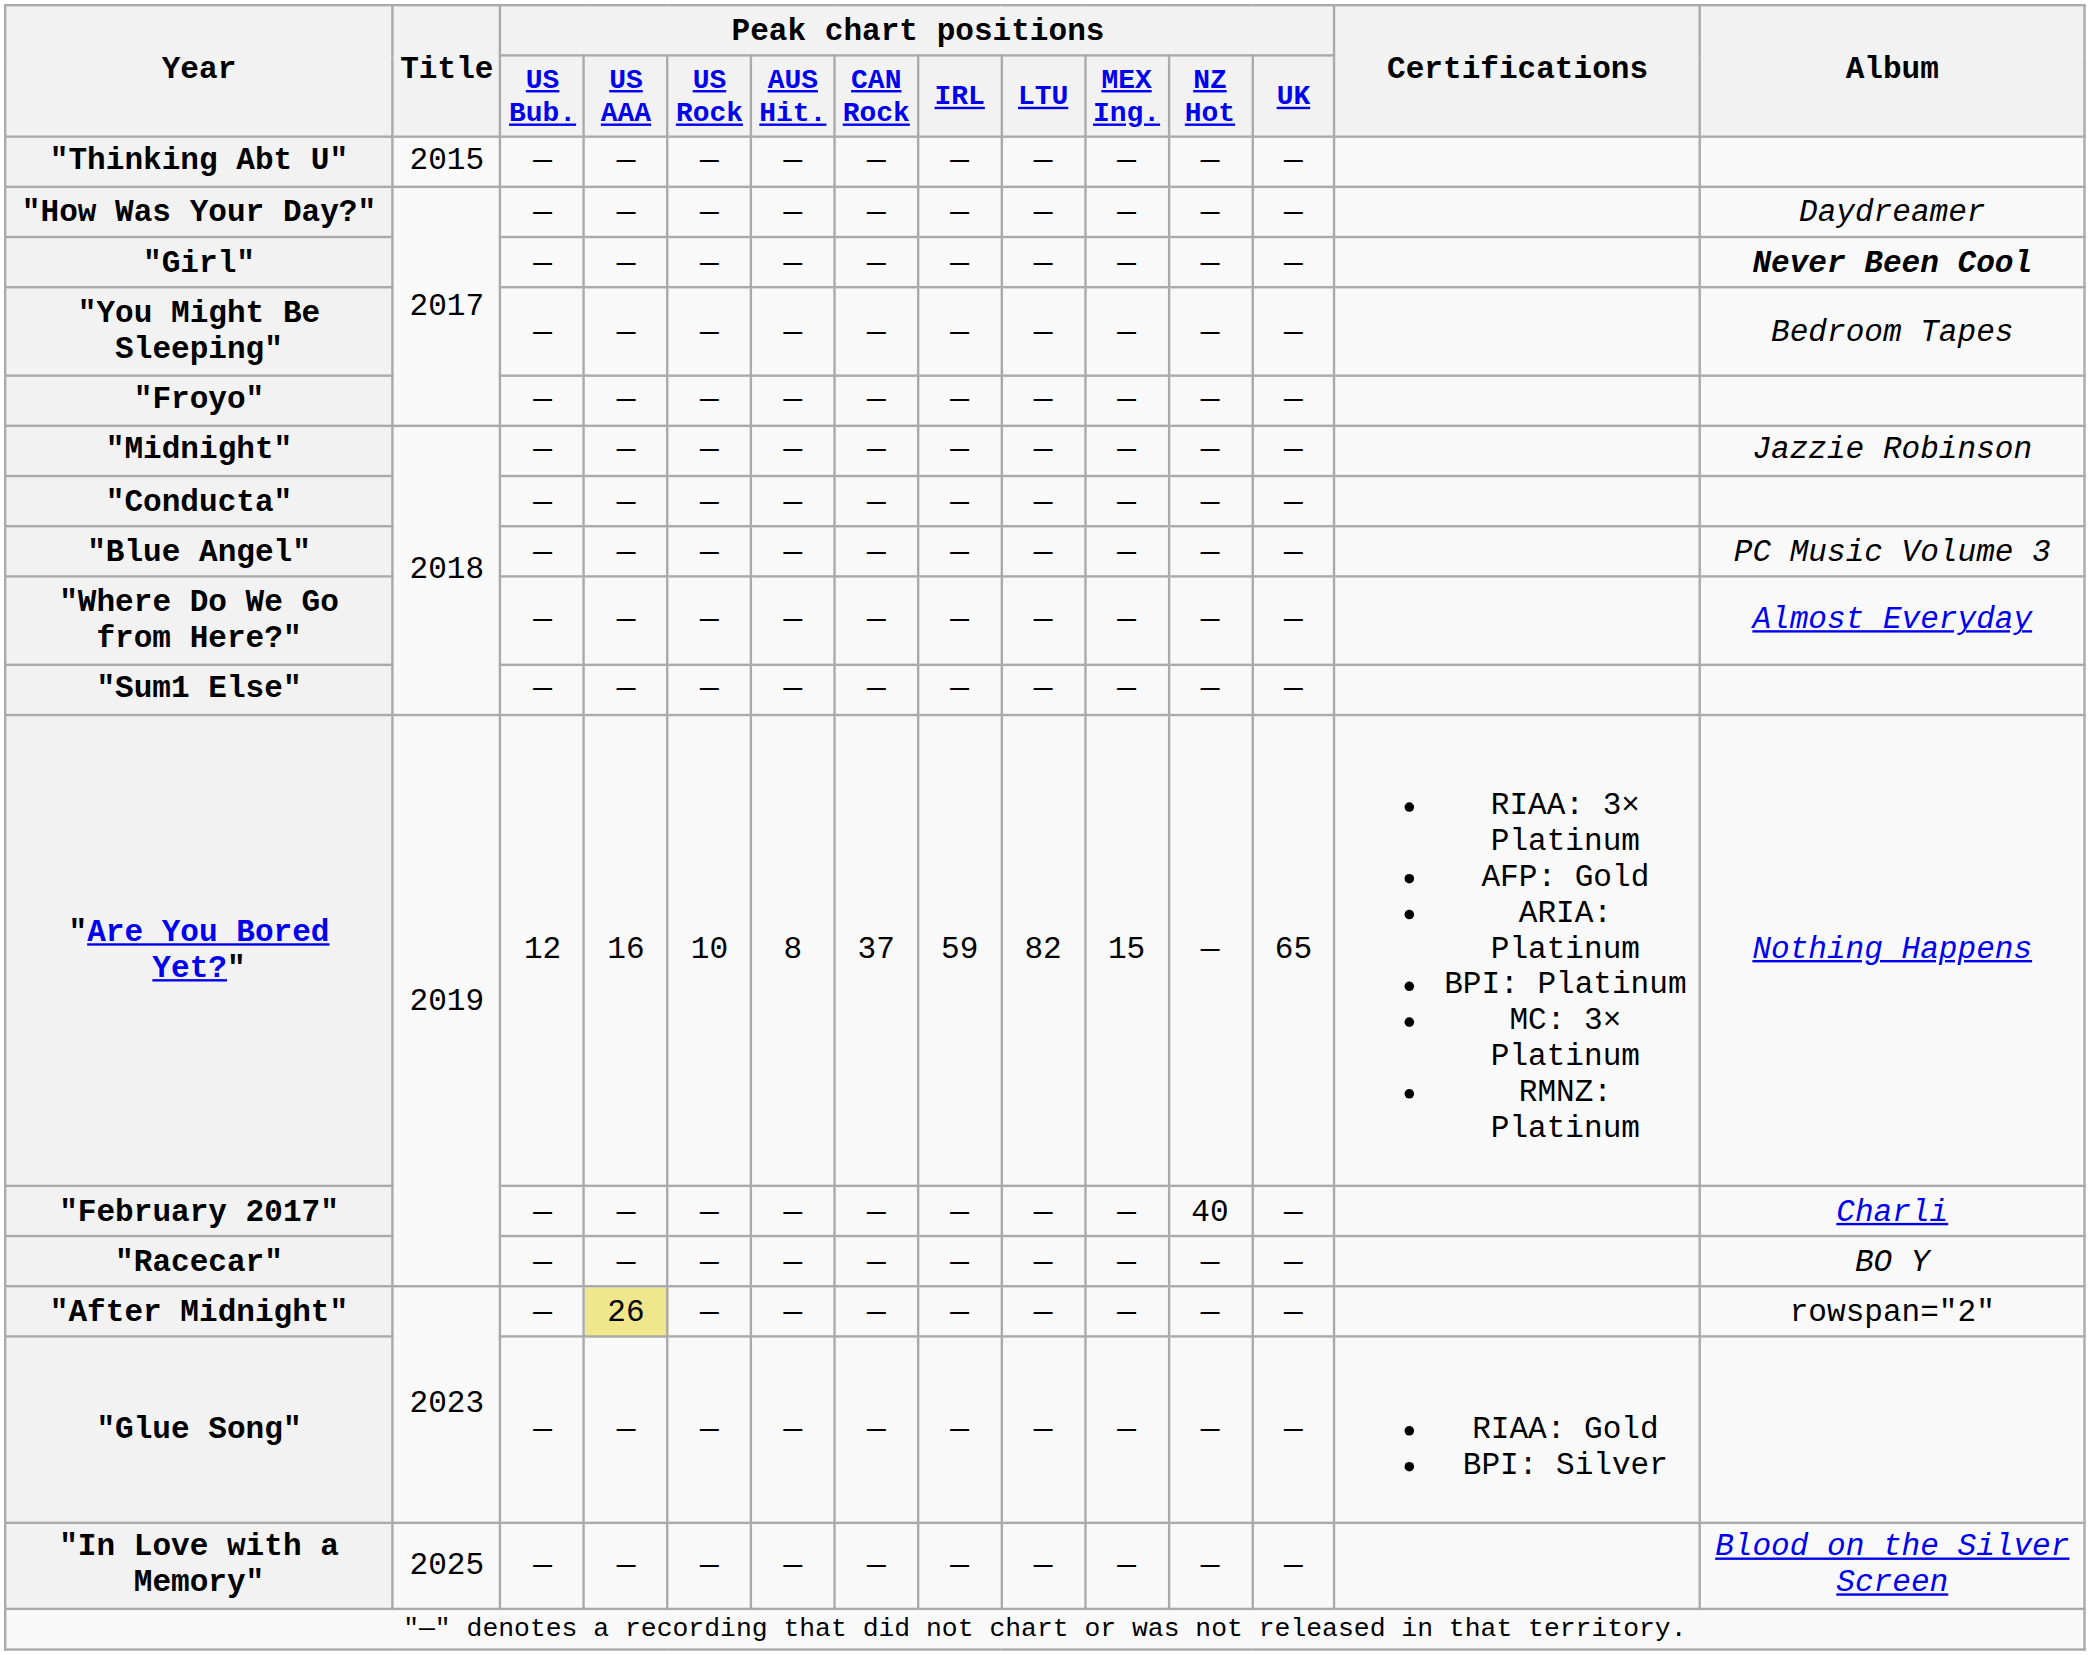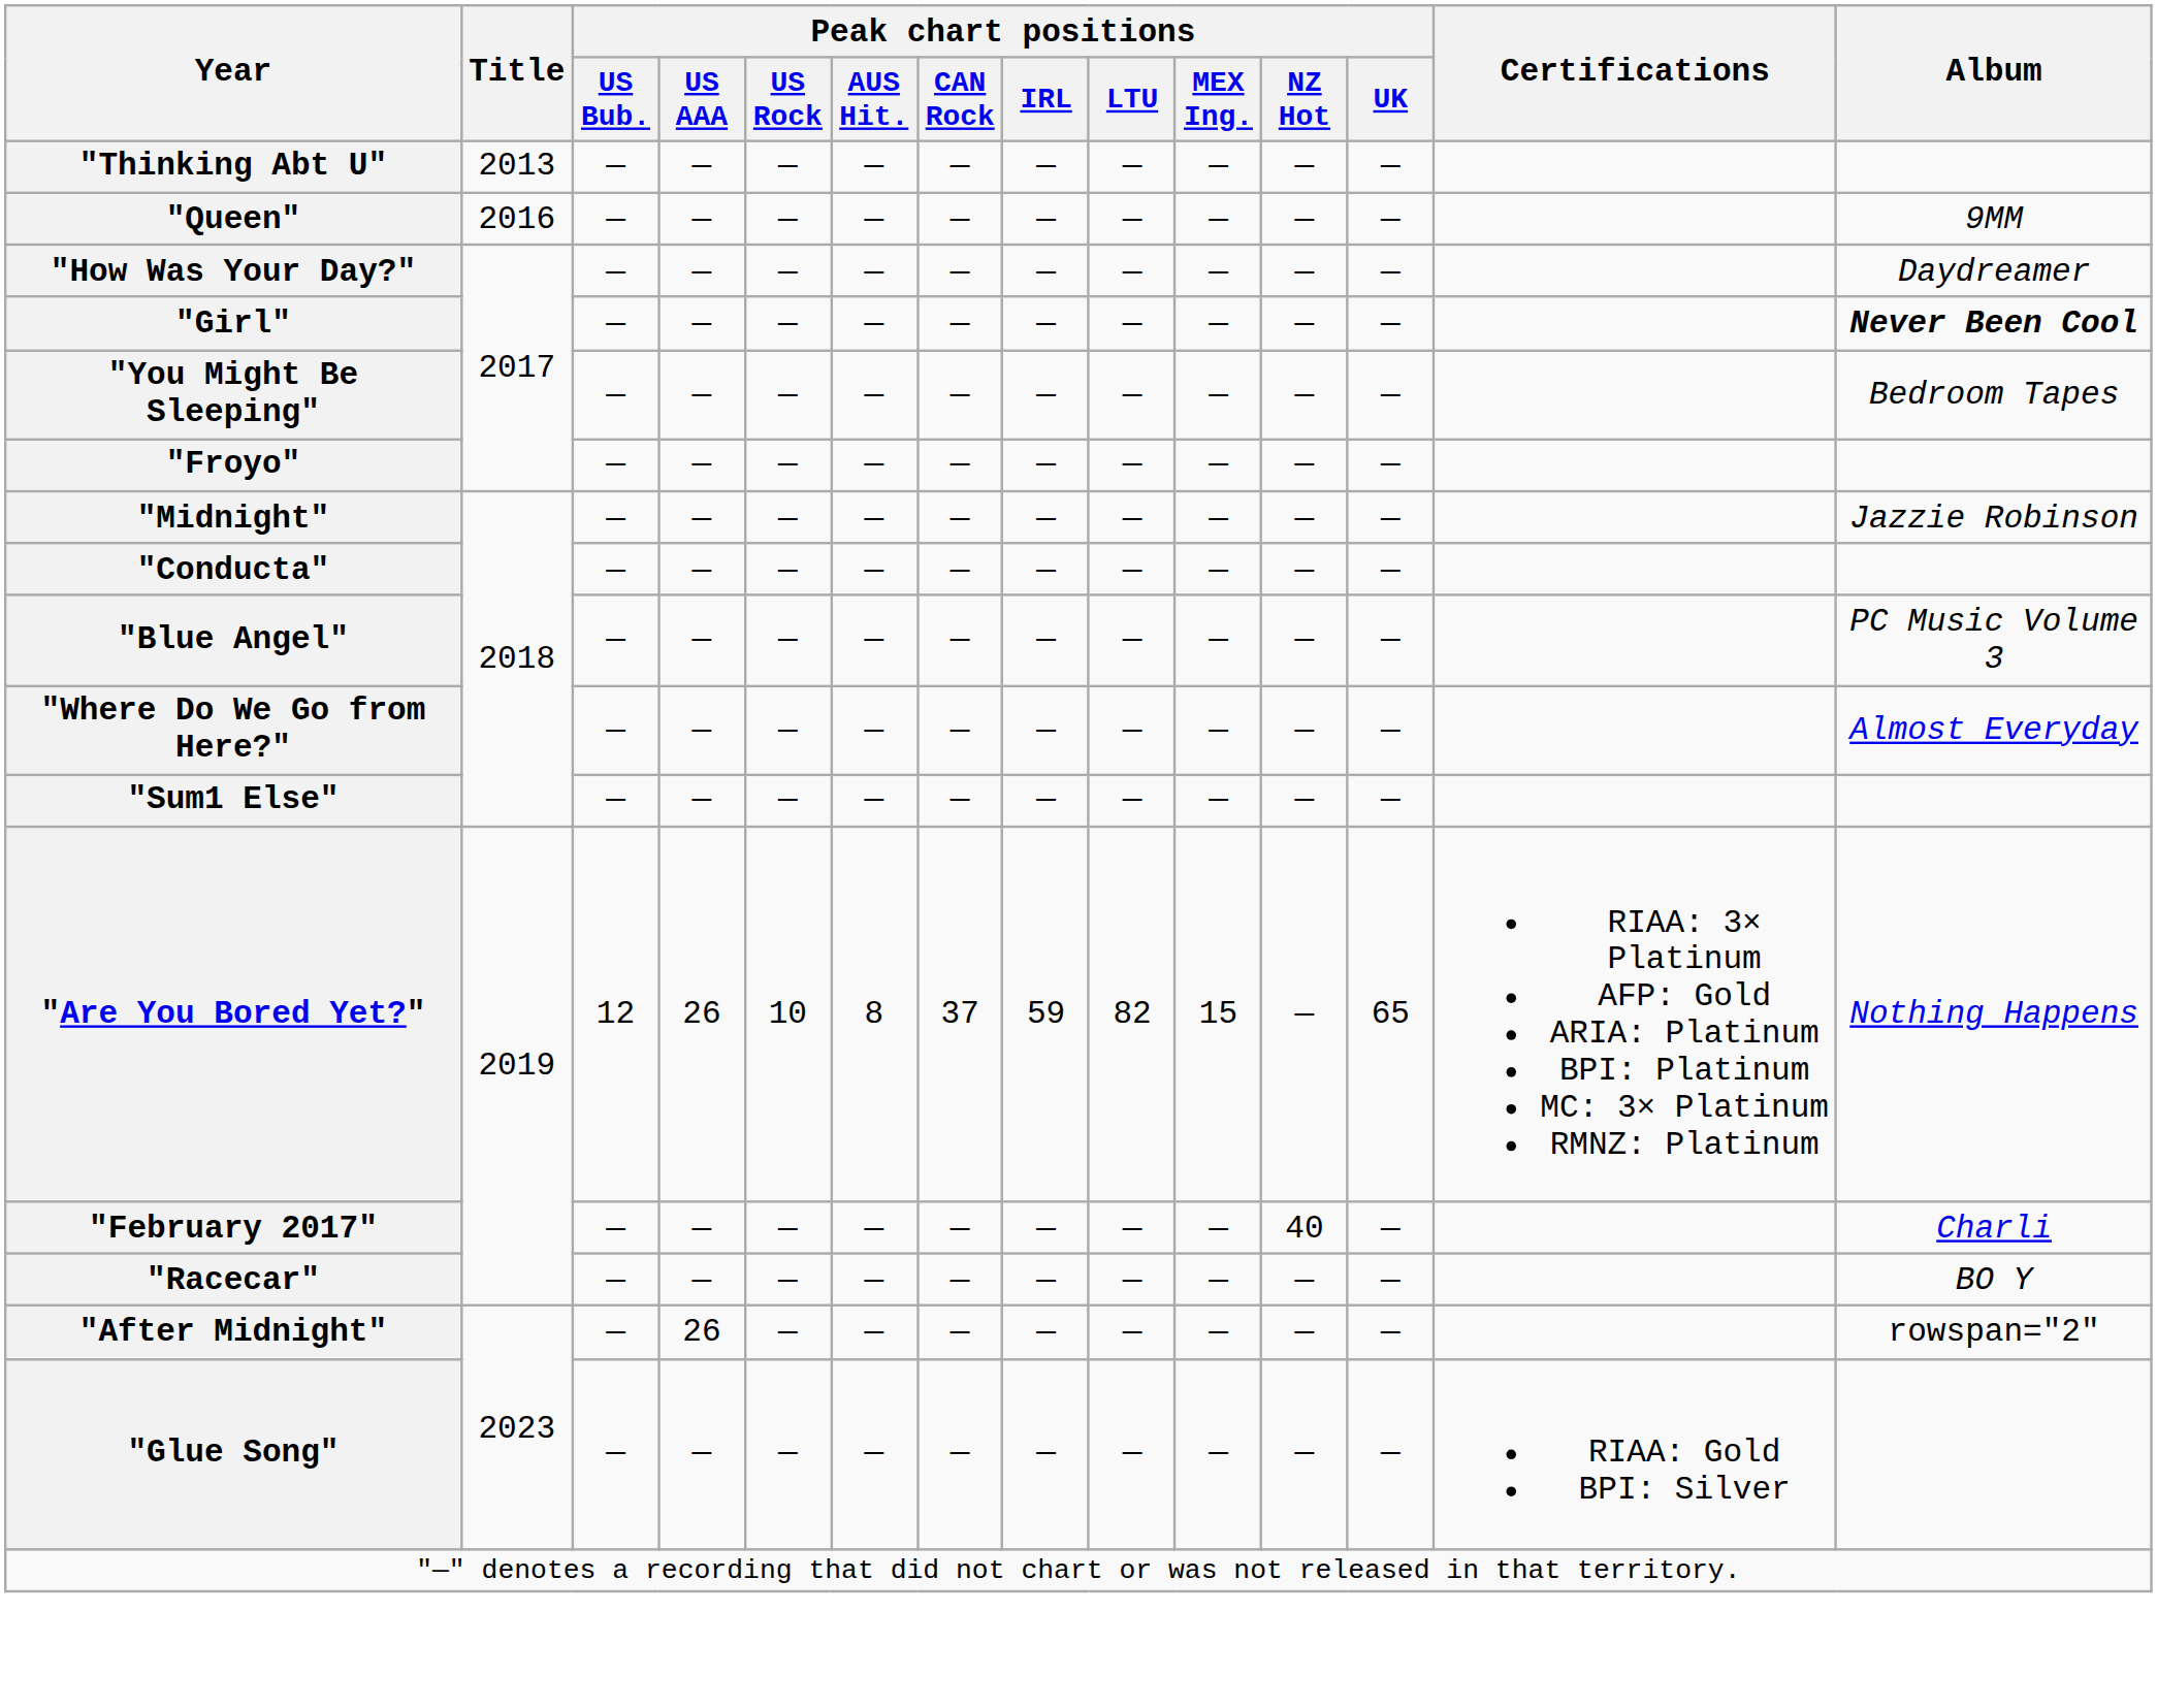 <table class="wikitable plainrowheaders" style="text-align:center;">
 <tr>
 <th scope="col" rowspan="2">Year</th>
 <th scope="col" rowspan="2">Title</th>
 <th scope="col" colspan="10">Peak chart positions</th>
 <th scope="col" rowspan="2">Certifications</th>
 <th scope="col" rowspan="2">Album</th>
 </tr>
 <tr>
 <th scope="col" style="width:2.5em;font-size:90%;"><a href='#'>US<br>Bub.</a><br></th>
 <th scope="col" style="width:2.5em;font-size:90%;"><a href='#'>US<br>AAA</a><br></th>
 <th scope="col" style="width:2.5em;font-size:90%;"><a href='#'>US<br>Rock</a><br></th>
 <th scope="col" style="width:2.5em;font-size:90%;"><a href='#'>AUS<br>Hit.</a><br></th>
 <th scope="col" style="width:2.5em;font-size:90%;"><a href='#'>CAN<br>Rock</a><br></th>
 <th scope="col" style="width:2.5em;font-size:90%;"><a href='#'>IRL</a><br></th>
 <th scope="col" style="width:2.5em;font-size:90%;"><a href='#'>LTU</a><br></th>
 <th scope="col" style="width:2.5em;font-size:90%;"><a href='#'>MEX<br>Ing.</a><br></th>
 <th scope="col" style="width:2.5em;font-size:90%;"><a href='#'>NZ<br>Hot</a><br></th>
 <th scope="col" style="width:2.5em;font-size:90%;"><a href='#'>UK</a><br></th>
 </tr>
 <tr>
 <th scope="row">"Thinking Abt U"<br></th>
-<td>2015</td>
+<td>2013</td>
 <td>—</td>
 <td>—</td>
 <td>—</td>
 <td>—</td>
 <td>—</td>
 <td>—</td>
 <td>—</td>
 <td>—</td>
 <td>—</td>
 <td>—</td>
 <td></td>
 <td></td>
+</tr>
+<tr>
+<th scope="row">"Queen"<br></th>
+<td>2016</td>
+<td>—</td>
+<td>—</td>
+<td>—</td>
+<td>—</td>
+<td>—</td>
+<td>—</td>
+<td>—</td>
+<td>—</td>
+<td>—</td>
+<td>—</td>
+<td></td>
+<td><em>9MM</em></td>
 </tr>
 <tr>
 <th scope="row">"How Was Your Day?"<br></th>
 <td rowspan="4">2017</td>
 <td>—</td>
 <td>—</td>
 <td>—</td>
 <td>—</td>
 <td>—</td>
 <td>—</td>
 <td>—</td>
 <td>—</td>
 <td>—</td>
 <td>—</td>
 <td></td>
 <td><em>Daydreamer</em></td>
 </tr>
 <tr>
 <th scope="row">"Girl"<br></th>
 <td>—</td>
 <td>—</td>
 <td>—</td>
 <td>—</td>
 <td>—</td>
 <td>—</td>
 <td>—</td>
 <td>—</td>
 <td>—</td>
 <td>—</td>
 <td></td>
 <td><strong><em>Never Been Cool</em></strong></td>
 </tr>
 <tr>
 <th scope="row">"You Might Be Sleeping"<br></th>
 <td>—</td>
 <td>—</td>
 <td>—</td>
 <td>—</td>
 <td>—</td>
 <td>—</td>
 <td>—</td>
 <td>—</td>
 <td>—</td>
 <td>—</td>
 <td></td>
 <td><em>Bedroom Tapes</em></td>
 </tr>
 <tr>
 <th scope="row">"Froyo"<br></th>
 <td>—</td>
 <td>—</td>
 <td>—</td>
 <td>—</td>
 <td>—</td>
 <td>—</td>
 <td>—</td>
 <td>—</td>
 <td>—</td>
 <td>—</td>
 <td></td>
 <td></td>
 </tr>
 <tr>
 <th scope="row">"Midnight"<br></th>
 <td rowspan="5">2018</td>
 <td>—</td>
 <td>—</td>
 <td>—</td>
 <td>—</td>
 <td>—</td>
 <td>—</td>
 <td>—</td>
 <td>—</td>
 <td>—</td>
 <td>—</td>
 <td></td>
 <td><em>Jazzie Robinson</em></td>
 </tr>
 <tr>
 <th scope="row">"Conducta"<br></th>
 <td>—</td>
 <td>—</td>
 <td>—</td>
 <td>—</td>
 <td>—</td>
 <td>—</td>
 <td>—</td>
 <td>—</td>
 <td>—</td>
 <td>—</td>
 <td></td>
 <td></td>
 </tr>
 <tr>
 <th scope="row">"Blue Angel"<br></th>
 <td>—</td>
 <td>—</td>
 <td>—</td>
 <td>—</td>
 <td>—</td>
 <td>—</td>
 <td>—</td>
 <td>—</td>
 <td>—</td>
 <td>—</td>
 <td></td>
 <td><em>PC Music Volume 3</em></td>
 </tr>
 <tr>
 <th scope="row">"Where Do We Go from Here?"<br></th>
 <td>—</td>
 <td>—</td>
 <td>—</td>
 <td>—</td>
 <td>—</td>
 <td>—</td>
 <td>—</td>
 <td>—</td>
 <td>—</td>
 <td>—</td>
 <td></td>
 <td><em><a href='#'>Almost Everyday</a></em></td>
 </tr>
 <tr>
 <th scope="row">"Sum1 Else"<br></th>
 <td>—</td>
 <td>—</td>
 <td>—</td>
 <td>—</td>
 <td>—</td>
 <td>—</td>
 <td>—</td>
 <td>—</td>
 <td>—</td>
 <td>—</td>
 <td></td>
 <td></td>
 </tr>
 <tr>
 <th scope="row">"<a href='#'>Are You Bored Yet?</a>"<br></th>
 <td rowspan="3">2019</td>
 <td>12</td>
-<td>16</td>
+<td>26</td>
 <td>10</td>
 <td>8</td>
 <td>37</td>
 <td>59</td>
 <td>82</td>
 <td>15</td>
 <td>—</td>
 <td>65</td>
 <td><br><ul><li>RIAA: 3× Platinum</li><li>AFP: Gold</li><li>ARIA: Platinum</li><li>BPI: Platinum</li><li>MC: 3× Platinum</li><li>RMNZ: Platinum</li></ul></td>
 <td><em><a href='#'>Nothing Happens</a></em></td>
 </tr>
 <tr>
 <th scope="row">"February 2017"<br></th>
 <td>—</td>
 <td>—</td>
 <td>—</td>
 <td>—</td>
 <td>—</td>
 <td>—</td>
 <td>—</td>
 <td>—</td>
 <td>40</td>
 <td>—</td>
 <td></td>
 <td><em><a href='#'>Charli</a></em></td>
 </tr>
 <tr>
 <th scope="row">"Racecar"<br></th>
 <td>—</td>
 <td>—</td>
 <td>—</td>
 <td>—</td>
 <td>—</td>
 <td>—</td>
 <td>—</td>
 <td>—</td>
 <td>—</td>
 <td>—</td>
 <td></td>
 <td><em>BO Y</em></td>
 </tr>
 <tr>
 <th scope="row">"After Midnight"<br></th>
 <td rowspan="2">2023</td>
 <td>—</td>
-<td style="background: khaki;">26</td>
+<td>26</td>
 <td>—</td>
 <td>—</td>
 <td>—</td>
 <td>—</td>
 <td>—</td>
 <td>—</td>
 <td>—</td>
 <td>—</td>
 <td></td>
 <td>rowspan="2" </td>
 </tr>
 <tr>
 <th scope="row">"Glue Song" <br></th>
 <td>—</td>
 <td>—</td>
 <td>—</td>
 <td>—</td>
 <td>—</td>
 <td>—</td>
 <td>—</td>
 <td>—</td>
 <td>—</td>
 <td>—</td>
 <td><br><ul><li>RIAA: Gold</li><li>BPI: Silver</li></ul></td>
 </tr>
 <tr>
-<th scope="row">"In Love with a Memory"<br></th>
-<td>2025</td>
-<td>—</td>
-<td>—</td>
-<td>—</td>
-<td>—</td>
-<td>—</td>
-<td>—</td>
-<td>—</td>
-<td>—</td>
-<td>—</td>
-<td>—</td>
-<td></td>
-<td><em><a href='#'>Blood on the Silver Screen</a></em></td>
-</tr>
-<tr>
 <td colspan="14" style="font-size:85%;">"—" denotes a recording that did not chart or was not released in that territory.</td>
 </tr>
 </table>
